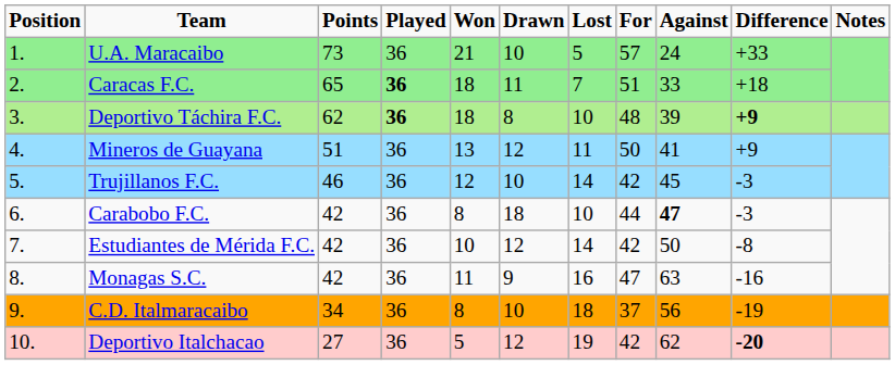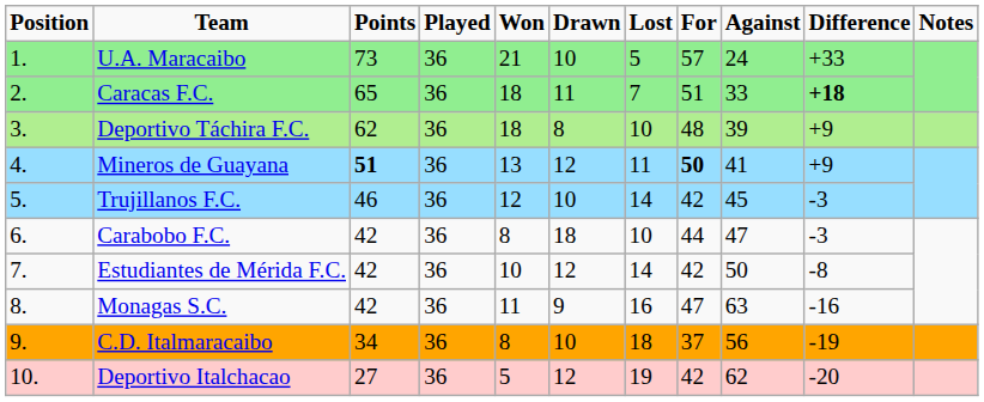 <table border="2" cellpadding="2" cellspacing="0" style="margin: 0; background: #f9f9f9; border: 1px #aaa solid; border-collapse: collapse; font-size: 85%;">
 <tr>
 <th>Position</th>
 <th>Team</th>
 <th>Points</th>
 <th>Played</th>
 <th>Won</th>
 <th>Drawn</th>
 <th>Lost</th>
 <th>For</th>
 <th>Against</th>
 <th>Difference</th>
 <th>Notes</th>
 </tr>
 <tr style="background: #90EE90;">
 <td>1.</td>
 <td><a href='#'>U.A. Maracaibo</a></td>
 <td>73</td>
 <td>36</td>
 <td>21</td>
 <td>10</td>
 <td>5</td>
 <td>57</td>
 <td>24</td>
 <td>+33</td>
 <td rowspan="2"></td>
 </tr>
 <tr style="background: #90EE90;">
 <td>2.</td>
 <td><a href='#'>Caracas F.C.</a></td>
 <td>65</td>
-<td><strong>36</strong></td>
+<td>36</td>
 <td>18</td>
 <td>11</td>
 <td>7</td>
 <td>51</td>
 <td>33</td>
-<td>+18</td>
+<td><strong>+18</strong></td>
 </tr>
 <tr style="background: #B0EE90;">
 <td>3.</td>
 <td><a href='#'>Deportivo Táchira F.C.</a></td>
 <td>62</td>
-<td><strong>36</strong></td>
+<td>36</td>
 <td>18</td>
 <td>8</td>
 <td>10</td>
 <td>48</td>
 <td>39</td>
-<td><strong>+9</strong></td>
+<td>+9</td>
 <td></td>
 </tr>
 <tr style="background: #97DEFF;">
 <td>4.</td>
 <td><a href='#'>Mineros de Guayana</a></td>
-<td>51</td>
+<td><strong>51</strong></td>
 <td>36</td>
 <td>13</td>
 <td>12</td>
 <td>11</td>
-<td>50</td>
+<td><strong>50</strong></td>
 <td>41</td>
 <td>+9</td>
 <td rowspan="2"></td>
 </tr>
 <tr style="background:#97DEFF;">
 <td>5.</td>
 <td><a href='#'>Trujillanos F.C.</a></td>
 <td>46</td>
 <td>36</td>
 <td>12</td>
 <td>10</td>
 <td>14</td>
 <td>42</td>
 <td>45</td>
 <td>-3</td>
 </tr>
 <tr>
 <td>6.</td>
 <td><a href='#'>Carabobo F.C.</a></td>
 <td>42</td>
 <td>36</td>
 <td>8</td>
 <td>18</td>
 <td>10</td>
 <td>44</td>
-<td><strong>47</strong></td>
+<td>47</td>
 <td>-3</td>
 </tr>
 <tr>
 <td>7.</td>
 <td><a href='#'>Estudiantes de Mérida F.C.</a></td>
 <td>42</td>
 <td>36</td>
 <td>10</td>
 <td>12</td>
 <td>14</td>
 <td>42</td>
 <td>50</td>
 <td>-8</td>
 </tr>
 <tr>
 <td>8.</td>
 <td><a href='#'>Monagas S.C.</a></td>
 <td>42</td>
 <td>36</td>
 <td>11</td>
 <td>9</td>
 <td>16</td>
 <td>47</td>
 <td>63</td>
 <td>-16</td>
 </tr>
 <tr style="background: #FFA500;">
 <td>9.</td>
 <td><a href='#'>C.D. Italmaracaibo</a></td>
 <td>34</td>
 <td>36</td>
 <td>8</td>
 <td>10</td>
 <td>18</td>
 <td>37</td>
 <td>56</td>
 <td>-19</td>
 <td></td>
 </tr>
 <tr style="background: #FFCCCC;">
 <td>10.</td>
 <td><a href='#'>Deportivo Italchacao</a></td>
 <td>27</td>
 <td>36</td>
 <td>5</td>
 <td>12</td>
 <td>19</td>
 <td>42</td>
 <td>62</td>
-<td><strong>-20</strong></td>
+<td>-20</td>
 <td></td>
 </tr>
 </table>
